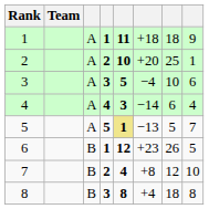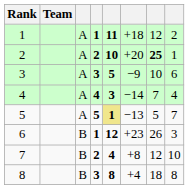 <table class="wikitable" style="text-align:center;">
 <tr>
 <th>Rank</th>
 <th>Team</th>
 <th></th>
 <th></th>
 <th></th>
 <th></th>
 <th></th>
 <th></th>
 </tr>
 <tr style="background-color:#ccffcc;">
 <td>1</td>
 <td align=left></td>
 <td>A</td>
 <td><strong>1</strong></td>
 <td><strong>11</strong></td>
 <td>+18</td>
-<td>18</td>
-<td>9</td>
+<td>12</td>
+<td>2</td>
 </tr>
 <tr style="background-color:#ccffcc;">
 <td>2</td>
 <td align=left></td>
 <td>A</td>
 <td><strong>2</strong></td>
 <td><strong>10</strong></td>
 <td>+20</td>
-<td>25</td>
+<td><strong>25</strong></td>
 <td>1</td>
 </tr>
 <tr style="background-color:#ccffcc;">
 <td>3</td>
 <td align=left></td>
 <td>A</td>
 <td><strong>3</strong></td>
 <td><strong>5</strong></td>
-<td>−4</td>
+<td>−9</td>
 <td>10</td>
 <td>6</td>
 </tr>
 <tr style="background-color:#ccffcc;">
 <td>4</td>
 <td align=left></td>
 <td>A</td>
 <td><strong>4</strong></td>
 <td><strong>3</strong></td>
 <td>−14</td>
-<td>6</td>
+<td>7</td>
 <td>4</td>
 </tr>
 <tr>
 <td>5</td>
 <td align=left></td>
 <td>A</td>
 <td><strong>5</strong></td>
 <td style="background: khaki;"><strong>1</strong></td>
 <td>−13</td>
 <td>5</td>
 <td>7</td>
 </tr>
 <tr>
 <td>6</td>
 <td align=left></td>
 <td>B</td>
 <td><strong>1</strong></td>
 <td><strong>12</strong></td>
 <td>+23</td>
 <td>26</td>
-<td>5</td>
+<td>3</td>
 </tr>
 <tr>
 <td>7</td>
 <td align=left></td>
 <td>B</td>
 <td><strong>2</strong></td>
 <td><strong>4</strong></td>
 <td>+8</td>
 <td>12</td>
 <td>10</td>
 </tr>
 <tr>
 <td>8</td>
 <td align=left></td>
 <td>B</td>
 <td><strong>3</strong></td>
 <td><strong>8</strong></td>
 <td>+4</td>
 <td>18</td>
 <td>8</td>
 </tr>
 </table>
